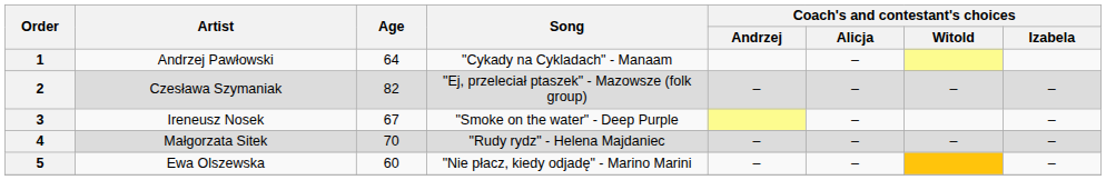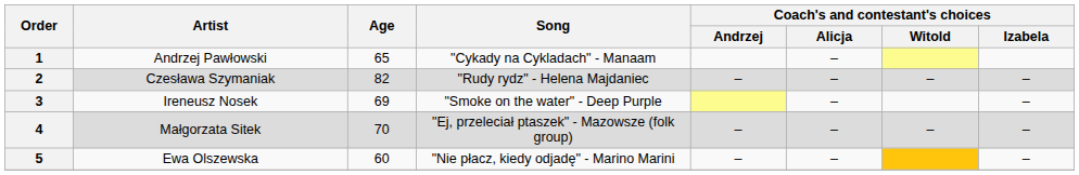 <table class="wikitable" style="text-align:center; width:100%;">
 <tr>
 <th scope="col" rowspan="2" style="width:05%;">Order</th>
 <th scope="col" rowspan="2" style="width:20%;">Artist</th>
 <th scope="col" rowspan="2" style="width:05%;">Age</th>
 <th scope="col" rowspan="2" style="width:20%;">Song</th>
 <th scope="col" colspan="4" style="width:32%;">Coach's and contestant's choices</th>
 </tr>
 <tr>
 <th style="width:07%;">Andrzej</th>
 <th style="width:07%;">Alicja</th>
 <th style="width:07%;">Witold</th>
 <th style="width:07%;">Izabela</th>
 </tr>
 <tr>
 <th>1</th>
 <td>Andrzej Pawłowski</td>
-<td>64</td>
+<td>65</td>
 <td>"Cykady na Cykladach" - Manaam</td>
 <td><strong></strong></td>
 <td>–</td>
 <td style="background:#fdfc8f;"><strong></strong></td>
 <td><strong></strong></td>
 </tr>
 <tr>
 <th>2</th>
 <td style="background:#dcdcdc;">Czesława Szymaniak</td>
 <td style="background:#dcdcdc;">82</td>
-<td style="background:#dcdcdc;">"Ej, przeleciał ptaszek" - Mazowsze (folk group)</td>
+<td style="background:#dcdcdc;">"Rudy rydz" - Helena Majdaniec</td>
 <td style="background:#dcdcdc;">–</td>
 <td style="background:#dcdcdc;">–</td>
 <td style="background:#dcdcdc;">–</td>
 <td style="background:#dcdcdc;">–</td>
 </tr>
 <tr>
 <th>3</th>
 <td>Ireneusz Nosek</td>
-<td>67</td>
+<td>69</td>
 <td>"Smoke on the water" - Deep Purple</td>
 <td style="background:#fdfc8f;"><strong></strong></td>
 <td>–</td>
 <td><strong></strong></td>
 <td>–</td>
 </tr>
 <tr>
 <th>4</th>
 <td style="background:#dcdcdc;">Małgorzata Sitek</td>
 <td style="background:#dcdcdc;">70</td>
-<td style="background:#dcdcdc;">"Rudy rydz" - Helena Majdaniec</td>
+<td style="background:#dcdcdc;">"Ej, przeleciał ptaszek" - Mazowsze (folk group)</td>
 <td style="background:#dcdcdc;">–</td>
 <td style="background:#dcdcdc;">–</td>
 <td style="background:#dcdcdc;">–</td>
 <td style="background:#dcdcdc;">–</td>
 </tr>
 <tr>
 <th>5</th>
 <td>Ewa Olszewska</td>
 <td>60</td>
 <td>"Nie płacz, kiedy odjadę" - Marino Marini</td>
 <td>–</td>
 <td>–</td>
 <td style="background:#ffc40c;"><strong></strong></td>
 <td>–</td>
 </tr>
 <tr>
 </tr>
 </table>
